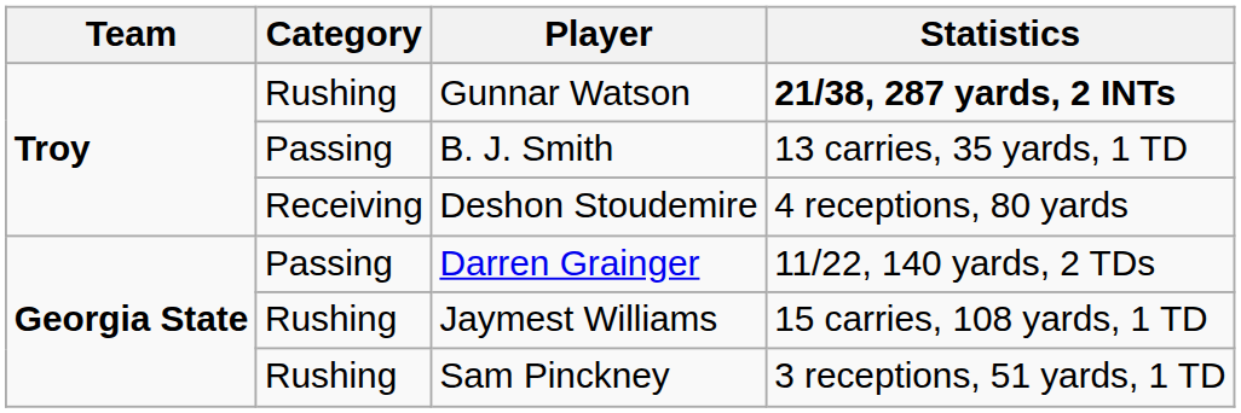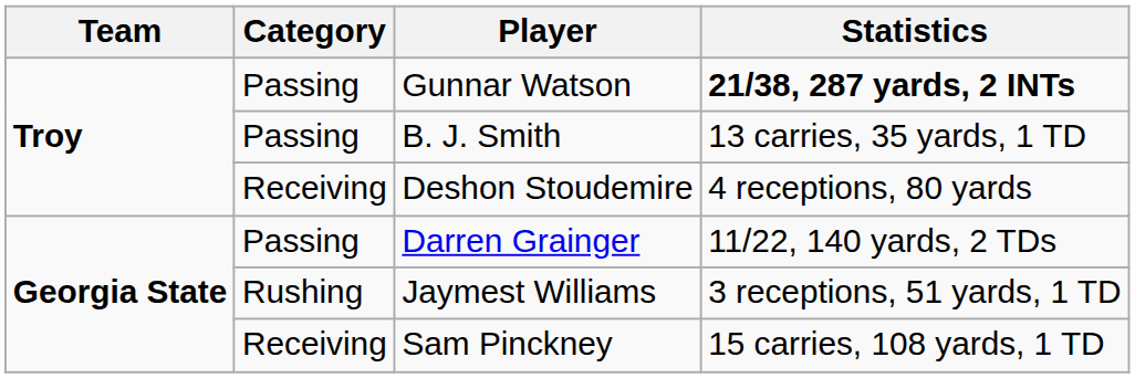 <table class="wikitable" style="float: left;">
 <tr>
 <th>Team</th>
 <th>Category</th>
 <th>Player</th>
 <th>Statistics</th>
 </tr>
 <tr>
 <td rowspan=3><strong>Troy</strong></td>
-<td>Rushing</td>
+<td>Passing</td>
 <td>Gunnar Watson</td>
 <td><strong>21/38, 287 yards, 2 INTs</strong></td>
 </tr>
 <tr>
 <td>Passing</td>
 <td>B. J. Smith</td>
 <td>13 carries, 35 yards, 1 TD</td>
 </tr>
 <tr>
 <td>Receiving</td>
 <td>Deshon Stoudemire</td>
 <td>4 receptions, 80 yards</td>
 </tr>
 <tr>
 <td rowspan=3><strong>Georgia State</strong></td>
 <td>Passing</td>
 <td><a href='#'>Darren Grainger</a></td>
 <td>11/22, 140 yards, 2 TDs</td>
 </tr>
 <tr>
 <td>Rushing</td>
 <td>Jaymest Williams</td>
+<td>3 receptions, 51 yards, 1 TD</td>
+</tr>
+<tr>
+<td>Receiving</td>
+<td>Sam Pinckney</td>
 <td>15 carries, 108 yards, 1 TD</td>
 </tr>
-<tr>
-<td>Rushing</td>
-<td>Sam Pinckney</td>
-<td>3 receptions, 51 yards, 1 TD</td>
-</tr>
 </table>
